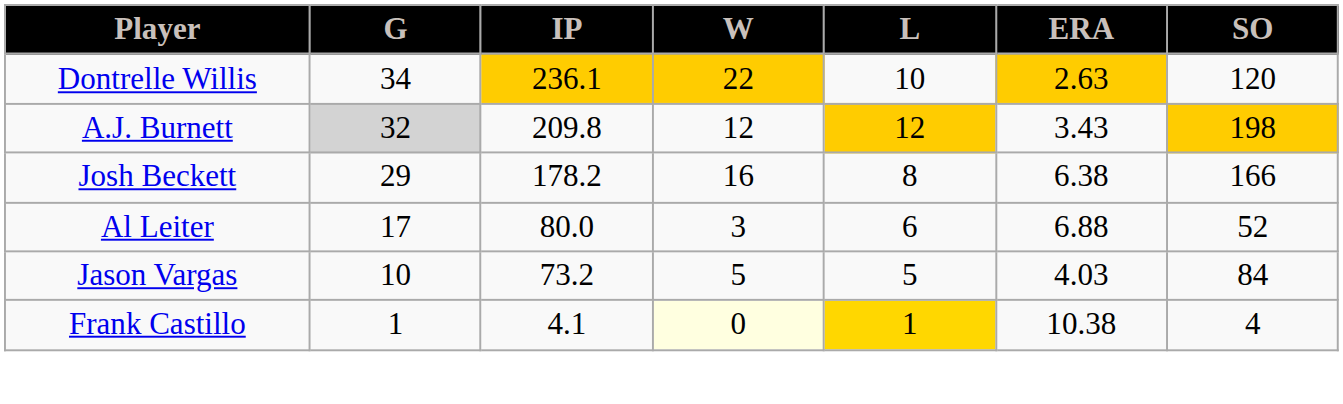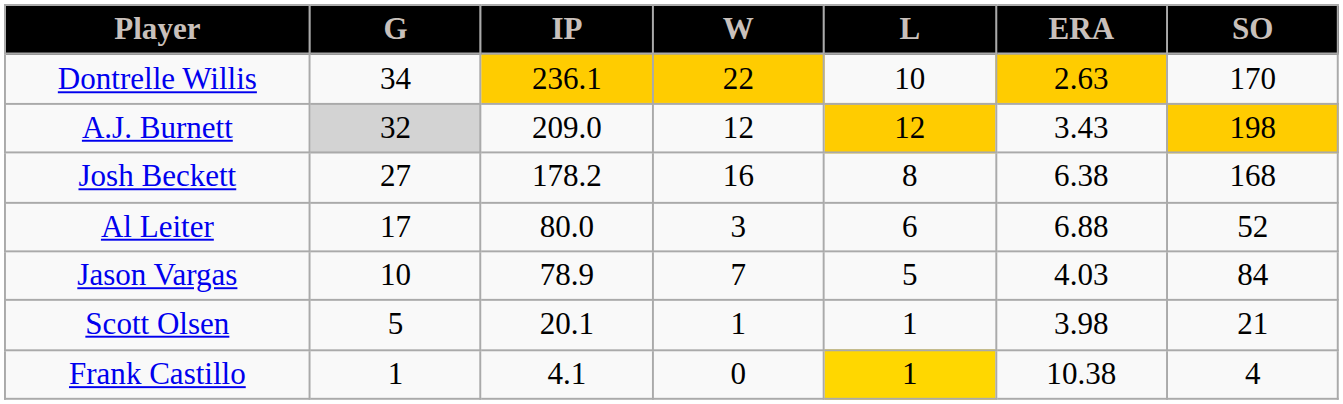 <table class="wikitable sortable">
 <tr>
 <th style=" background:#000000; color:#C9C0BB;" width="16%">Player</th>
 <th style=" background:#000000; color:#C9C0BB;" width="9%">G</th>
 <th style=" background:#000000; color:#C9C0BB;" width="9%">IP</th>
 <th style=" background:#000000; color:#C9C0BB;" width="9%">W</th>
 <th style=" background:#000000; color:#C9C0BB;" width="9%">L</th>
 <th style=" background:#000000; color:#C9C0BB;" width="9%">ERA</th>
 <th style=" background:#000000; color:#C9C0BB;" width="9%">SO</th>
 </tr>
 <tr align="center">
 <td><a href='#'>Dontrelle Willis</a></td>
 <td>34</td>
 <td bgcolor="#FFCC00">236.1</td>
 <td bgcolor="#FFCC00">22</td>
 <td>10</td>
 <td bgcolor="#FFCC00">2.63</td>
-<td>120</td>
+<td>170</td>
 </tr>
 <tr align=center>
 <td><a href='#'>A.J. Burnett</a></td>
 <td style="background: lightgrey;">32</td>
-<td>209.8</td>
+<td>209.0</td>
 <td>12</td>
 <td bgcolor="FFCC00">12</td>
 <td>3.43</td>
 <td bgcolor="#FFCC00">198</td>
 </tr>
 <tr align=center>
 <td><a href='#'>Josh Beckett</a></td>
-<td>29</td>
+<td>27</td>
 <td>178.2</td>
 <td>16</td>
 <td>8</td>
 <td>6.38</td>
-<td>166</td>
+<td>168</td>
 </tr>
 <tr align=center>
 <td><a href='#'>Al Leiter</a></td>
 <td>17</td>
 <td>80.0</td>
 <td>3</td>
 <td>6</td>
 <td>6.88</td>
 <td>52</td>
 </tr>
 <tr align=center>
 <td><a href='#'>Jason Vargas</a></td>
 <td>10</td>
-<td>73.2</td>
-<td>5</td>
+<td>78.9</td>
+<td>7</td>
 <td>5</td>
 <td>4.03</td>
 <td>84</td>
 </tr>
 <tr align=center>
+<td><a href='#'>Scott Olsen</a></td>
+<td>5</td>
+<td>20.1</td>
+<td>1</td>
+<td>1</td>
+<td>3.98</td>
+<td>21</td>
+</tr>
+<tr align=center>
 <td><a href='#'>Frank Castillo</a></td>
 <td>1</td>
 <td>4.1</td>
-<td style="background: lightyellow;">0</td>
+<td>0</td>
 <td style="background: gold;">1</td>
 <td>10.38</td>
 <td>4</td>
 </tr>
 </table>
